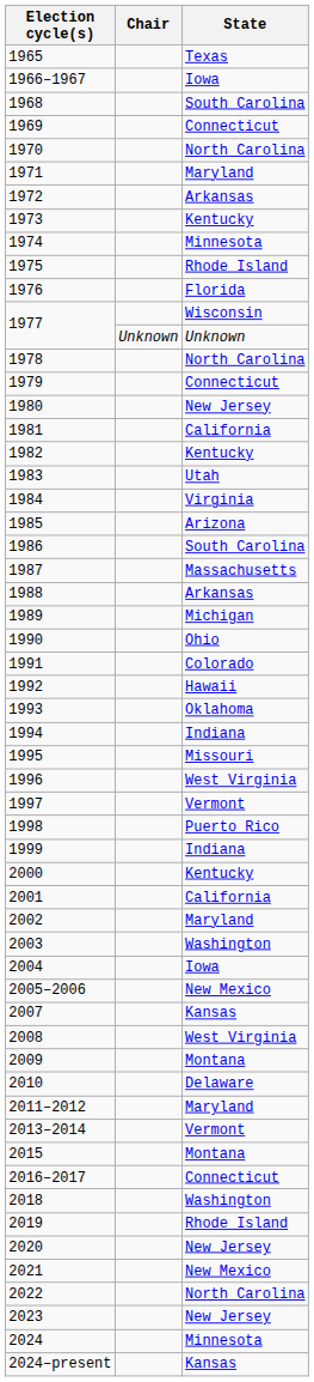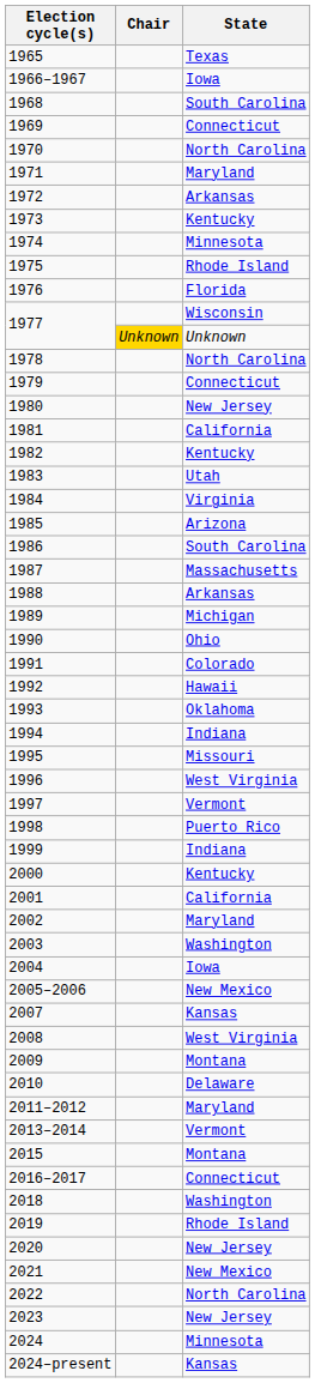 <table class="wikitable sortable">
 <tr>
 <th>Election<br>cycle(s)</th>
 <th>Chair</th>
 <th>State</th>
 </tr>
 <tr>
 <td>1965</td>
 <td></td>
 <td> <a href='#'>Texas</a></td>
 </tr>
 <tr>
 <td>1966–1967</td>
 <td></td>
 <td> <a href='#'>Iowa</a></td>
 </tr>
 <tr>
 <td>1968</td>
 <td></td>
 <td> <a href='#'>South Carolina</a></td>
 </tr>
 <tr>
 <td>1969</td>
 <td></td>
 <td> <a href='#'>Connecticut</a></td>
 </tr>
 <tr>
 <td>1970</td>
 <td></td>
 <td> <a href='#'>North Carolina</a></td>
 </tr>
 <tr>
 <td>1971</td>
 <td></td>
 <td> <a href='#'>Maryland</a></td>
 </tr>
 <tr>
 <td>1972</td>
 <td></td>
 <td> <a href='#'>Arkansas</a></td>
 </tr>
 <tr>
 <td>1973</td>
 <td></td>
 <td> <a href='#'>Kentucky</a></td>
 </tr>
 <tr>
 <td>1974</td>
 <td></td>
 <td> <a href='#'>Minnesota</a></td>
 </tr>
 <tr>
 <td>1975</td>
 <td></td>
 <td> <a href='#'>Rhode Island</a></td>
 </tr>
 <tr>
 <td>1976</td>
 <td></td>
 <td> <a href='#'>Florida</a></td>
 </tr>
 <tr>
 <td rowspan="2">1977</td>
 <td></td>
 <td> <a href='#'>Wisconsin</a></td>
 </tr>
 <tr>
-<td><em>Unknown</em></td>
+<td style="background: gold;"><em>Unknown</em></td>
 <td><em>Unknown</em></td>
 </tr>
 <tr>
 <td>1978</td>
 <td></td>
 <td> <a href='#'>North Carolina</a></td>
 </tr>
 <tr>
 <td>1979</td>
 <td></td>
 <td> <a href='#'>Connecticut</a></td>
 </tr>
 <tr>
 <td>1980</td>
 <td></td>
 <td> <a href='#'>New Jersey</a></td>
 </tr>
 <tr>
 <td>1981</td>
 <td></td>
 <td> <a href='#'>California</a></td>
 </tr>
 <tr>
 <td>1982</td>
 <td></td>
 <td> <a href='#'>Kentucky</a></td>
 </tr>
 <tr>
 <td>1983</td>
 <td></td>
 <td> <a href='#'>Utah</a></td>
 </tr>
 <tr>
 <td>1984</td>
 <td></td>
 <td> <a href='#'>Virginia</a></td>
 </tr>
 <tr>
 <td>1985</td>
 <td></td>
 <td> <a href='#'>Arizona</a></td>
 </tr>
 <tr>
 <td>1986</td>
 <td></td>
 <td> <a href='#'>South Carolina</a></td>
 </tr>
 <tr>
 <td>1987</td>
 <td></td>
 <td> <a href='#'>Massachusetts</a></td>
 </tr>
 <tr>
 <td>1988</td>
 <td></td>
 <td> <a href='#'>Arkansas</a></td>
 </tr>
 <tr>
 <td>1989</td>
 <td></td>
 <td> <a href='#'>Michigan</a></td>
 </tr>
 <tr>
 <td>1990</td>
 <td></td>
 <td> <a href='#'>Ohio</a></td>
 </tr>
 <tr>
 <td>1991</td>
 <td></td>
 <td> <a href='#'>Colorado</a></td>
 </tr>
 <tr>
 <td>1992</td>
 <td></td>
 <td> <a href='#'>Hawaii</a></td>
 </tr>
 <tr>
 <td>1993</td>
 <td></td>
 <td> <a href='#'>Oklahoma</a></td>
 </tr>
 <tr>
 <td>1994</td>
 <td></td>
 <td> <a href='#'>Indiana</a></td>
 </tr>
 <tr>
 <td>1995</td>
 <td></td>
 <td> <a href='#'>Missouri</a></td>
 </tr>
 <tr>
 <td>1996</td>
 <td></td>
 <td> <a href='#'>West Virginia</a></td>
 </tr>
 <tr>
 <td>1997</td>
 <td></td>
 <td> <a href='#'>Vermont</a></td>
 </tr>
 <tr>
 <td>1998</td>
 <td></td>
 <td> <a href='#'>Puerto Rico</a></td>
 </tr>
 <tr>
 <td>1999</td>
 <td></td>
 <td> <a href='#'>Indiana</a></td>
 </tr>
 <tr>
 <td>2000</td>
 <td></td>
 <td> <a href='#'>Kentucky</a></td>
 </tr>
 <tr>
 <td>2001</td>
 <td></td>
 <td> <a href='#'>California</a></td>
 </tr>
 <tr>
 <td>2002</td>
 <td></td>
 <td> <a href='#'>Maryland</a></td>
 </tr>
 <tr>
 <td>2003</td>
 <td></td>
 <td> <a href='#'>Washington</a></td>
 </tr>
 <tr>
 <td>2004</td>
 <td></td>
 <td> <a href='#'>Iowa</a></td>
 </tr>
 <tr>
 <td>2005–2006</td>
 <td></td>
 <td> <a href='#'>New Mexico</a></td>
 </tr>
 <tr>
 <td>2007</td>
 <td></td>
 <td> <a href='#'>Kansas</a></td>
 </tr>
 <tr>
 <td>2008</td>
 <td></td>
 <td> <a href='#'>West Virginia</a></td>
 </tr>
 <tr>
 <td>2009</td>
 <td></td>
 <td> <a href='#'>Montana</a></td>
 </tr>
 <tr>
 <td>2010</td>
 <td></td>
 <td> <a href='#'>Delaware</a></td>
 </tr>
 <tr>
 <td>2011–2012</td>
 <td></td>
 <td> <a href='#'>Maryland</a></td>
 </tr>
 <tr>
 <td>2013–2014</td>
 <td></td>
 <td> <a href='#'>Vermont</a></td>
 </tr>
 <tr>
 <td>2015</td>
 <td></td>
 <td> <a href='#'>Montana</a></td>
 </tr>
 <tr>
 <td>2016–2017</td>
 <td></td>
 <td> <a href='#'>Connecticut</a></td>
 </tr>
 <tr>
 <td>2018</td>
 <td></td>
 <td> <a href='#'>Washington</a></td>
 </tr>
 <tr>
 <td>2019</td>
 <td></td>
 <td> <a href='#'>Rhode Island</a></td>
 </tr>
 <tr>
 <td>2020</td>
 <td></td>
 <td> <a href='#'>New Jersey</a></td>
 </tr>
 <tr>
 <td>2021</td>
 <td></td>
 <td> <a href='#'>New Mexico</a></td>
 </tr>
 <tr>
 <td>2022</td>
 <td></td>
 <td> <a href='#'>North Carolina</a></td>
 </tr>
 <tr>
 <td>2023</td>
 <td></td>
 <td> <a href='#'>New Jersey</a></td>
 </tr>
 <tr>
 <td>2024</td>
 <td></td>
 <td> <a href='#'>Minnesota</a></td>
 </tr>
 <tr>
 <td>2024–present</td>
 <td></td>
 <td> <a href='#'>Kansas</a></td>
 </tr>
 </table>
